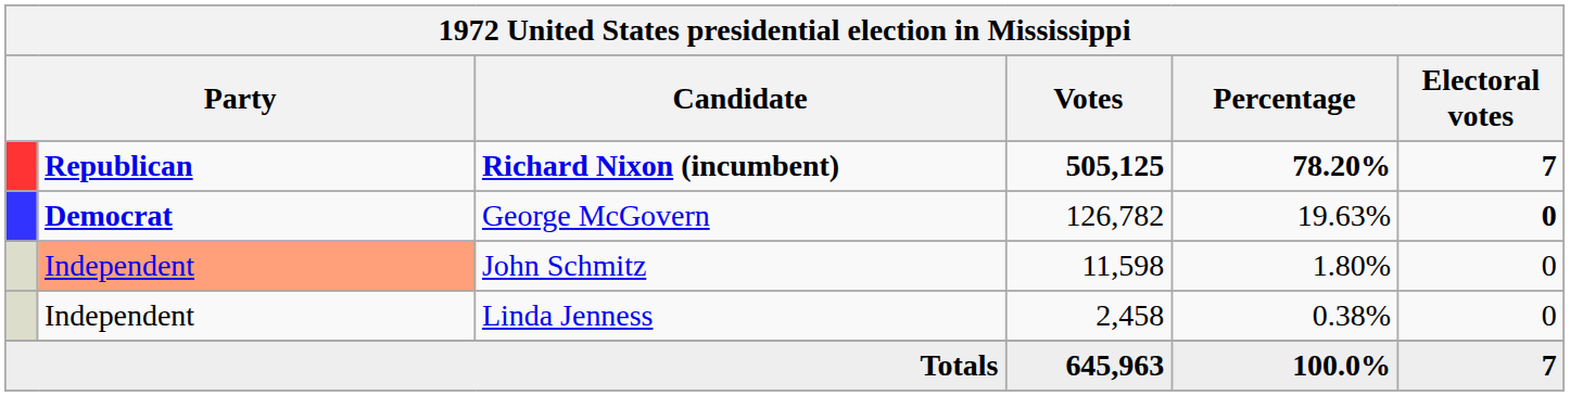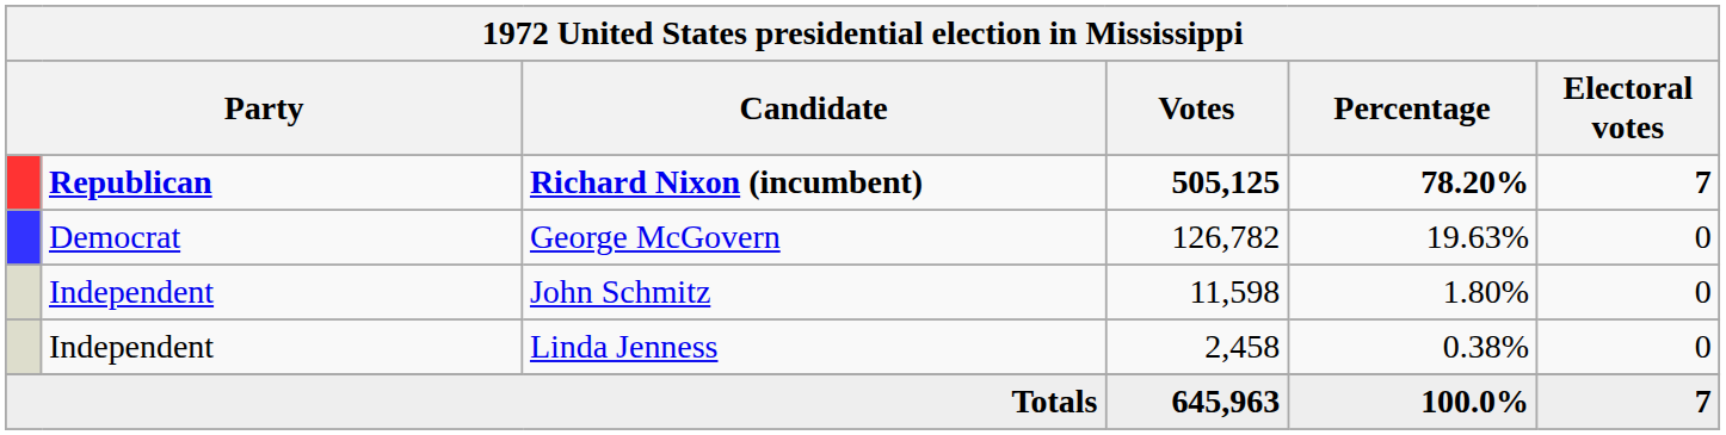 <table class="wikitable" style="font-size: 95%;">
 <tr>
 <th colspan="6">1972 United States presidential election in Mississippi</th>
 </tr>
 <tr>
 <th colspan="2" style="width: 15em">Party</th>
 <th style="width: 17em">Candidate</th>
 <th style="width: 5em">Votes</th>
 <th style="width: 7em">Percentage</th>
 <th style="width: 5em">Electoral votes</th>
 </tr>
 <tr>
 <th style="background-color:#FF3333; width: 3px"></th>
 <td style="width: 130px"><strong><a href='#'>Republican</a></strong></td>
 <td><strong><a href='#'>Richard Nixon</a></strong> <strong>(incumbent)</strong></td>
 <td align="right"><strong>505,125</strong></td>
 <td align="right"><strong>78.20%</strong></td>
 <td align="right"><strong>7</strong></td>
 </tr>
 <tr>
 <th style="background-color:#3333FF; width: 3px"></th>
-<td style="width: 130px"><strong><a href='#'>Democrat</a></strong></td>
+<td style="width: 130px"><a href='#'>Democrat</a></td>
 <td><a href='#'>George McGovern</a></td>
 <td align="right">126,782</td>
 <td align="right">19.63%</td>
-<td align="right"><strong>0</strong></td>
+<td align="right">0</td>
 </tr>
 <tr>
 <th style="background-color:#DDDDCC; width: 3px"></th>
-<td style="background: lightsalmon; width: 130px"><a href='#'>Independent</a></td>
+<td style="width: 130px"><a href='#'>Independent</a></td>
 <td><a href='#'>John Schmitz</a></td>
 <td align="right">11,598</td>
 <td align="right">1.80%</td>
 <td align="right">0</td>
 </tr>
 <tr>
 <th style="background-color:#DDDDCC; width: 3px"></th>
 <td style="width: 130px">Independent</td>
 <td><a href='#'>Linda Jenness</a></td>
 <td align="right">2,458</td>
 <td align="right">0.38%</td>
 <td align="right">0</td>
 </tr>
 <tr>
 </tr>
 <tr bgcolor="#EEEEEE">
 <td colspan="3" align="right"><strong>Totals</strong></td>
 <td align="right"><strong>645,963</strong></td>
 <td align="right"><strong>100.0%</strong></td>
 <td align="right"><strong>7</strong></td>
 </tr>
 </table>
